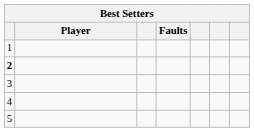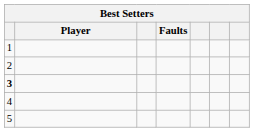 <table class="wikitable sortable" style=font-size:90%>
 <tr>
 <th colspan=7>Best Setters</th>
 </tr>
 <tr>
 <th></th>
 <th width=158>Player</th>
 <th width=20></th>
 <th width=20>Faults</th>
 <th width=20></th>
 <th width=20></th>
 <th width=20></th>
 </tr>
 <tr>
 <td>1</td>
 <td></td>
 <td align=center></td>
 <td align=center></td>
 <td align=center></td>
 <td align=center></td>
 <td align=center></td>
 </tr>
 <tr>
-<td><strong>2</strong></td>
+<td>2</td>
 <td></td>
 <td align=center></td>
 <td align=center></td>
 <td align=center></td>
 <td align=center></td>
 <td align=center></td>
 </tr>
 <tr>
-<td>3</td>
+<td><strong>3</strong></td>
 <td></td>
 <td align=center></td>
 <td align=center></td>
 <td align=center></td>
 <td align=center></td>
 <td align=center></td>
 </tr>
 <tr>
 <td>4</td>
 <td></td>
 <td align=center></td>
 <td align=center></td>
 <td align=center></td>
 <td align=center></td>
 <td align=center></td>
 </tr>
 <tr>
 <td>5</td>
 <td></td>
 <td align=center></td>
 <td align=center></td>
 <td align=center></td>
 <td align=center></td>
 <td align=center></td>
 </tr>
 </table>
